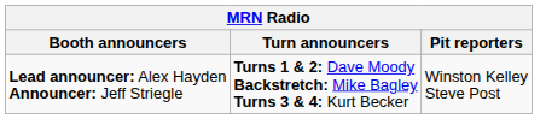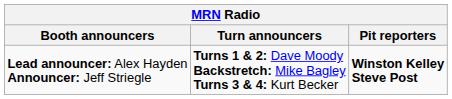 <table class="wikitable" style="font-size: 95%">
 <tr>
 <th colspan="3"><a href='#'>MRN</a> Radio</th>
 </tr>
 <tr>
 <th>Booth announcers</th>
 <th>Turn announcers</th>
 <th>Pit reporters</th>
 </tr>
 <tr>
 <td><strong>Lead announcer:</strong> Alex Hayden<br><strong>Announcer:</strong> Jeff Striegle</td>
 <td><strong>Turns 1 & 2:</strong> <a href='#'>Dave Moody</a><br><strong>Backstretch:</strong> <a href='#'>Mike Bagley</a><br><strong>Turns 3 & 4:</strong> Kurt Becker</td>
-<td>Winston Kelley<br>Steve Post</td>
+<td><strong>Winston Kelley<br>Steve Post</strong></td>
 </tr>
 </table>
